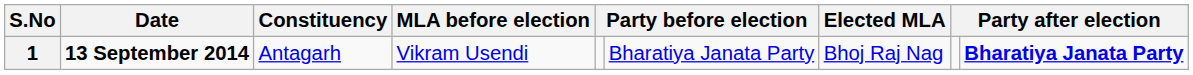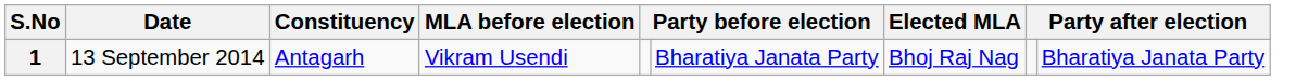 <table class="wikitable sortable">
 <tr>
 <th>S.No</th>
 <th>Date</th>
 <th>Constituency</th>
 <th>MLA before election</th>
 <th colspan="2">Party before election</th>
 <th>Elected MLA</th>
 <th colspan="2">Party after election</th>
 </tr>
 <tr>
 <th>1</th>
-<td><strong>13 September 2014</strong></td>
+<td>13 September 2014</td>
 <td><a href='#'>Antagarh</a></td>
 <td><a href='#'>Vikram Usendi</a></td>
 <td></td>
 <td><a href='#'>Bharatiya Janata Party</a></td>
 <td><a href='#'>Bhoj Raj Nag</a></td>
 <td></td>
-<td><strong><a href='#'>Bharatiya Janata Party</a></strong></td>
+<td><a href='#'>Bharatiya Janata Party</a></td>
 </tr>
 </table>
